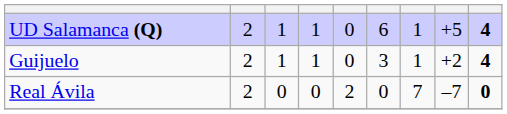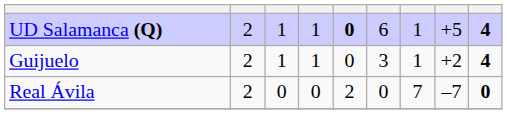 <table class="wikitable" style="text-align: center;">
 <tr>
 <th width="175"></th>
 <th width="20"></th>
 <th width="20"></th>
 <th width="20"></th>
 <th width="20"></th>
 <th width="20"></th>
 <th width="20"></th>
 <th width="20"></th>
 <th width="20"></th>
 </tr>
 <tr bgcolor=#ccccff>
 <td align=left><a href='#'>UD Salamanca</a> <strong>(Q)</strong></td>
 <td>2</td>
 <td>1</td>
 <td>1</td>
-<td>0</td>
+<td><strong>0</strong></td>
 <td>6</td>
 <td>1</td>
 <td>+5</td>
 <td><strong>4</strong></td>
 </tr>
 <tr>
 <td align=left><a href='#'>Guijuelo</a></td>
 <td>2</td>
 <td>1</td>
 <td>1</td>
 <td>0</td>
 <td>3</td>
 <td>1</td>
 <td>+2</td>
 <td><strong>4</strong></td>
 </tr>
 <tr>
 <td align=left><a href='#'>Real Ávila</a></td>
 <td>2</td>
 <td>0</td>
 <td>0</td>
 <td>2</td>
 <td>0</td>
 <td>7</td>
 <td>–7</td>
 <td><strong>0</strong></td>
 </tr>
 <tr>
 </tr>
 </table>
